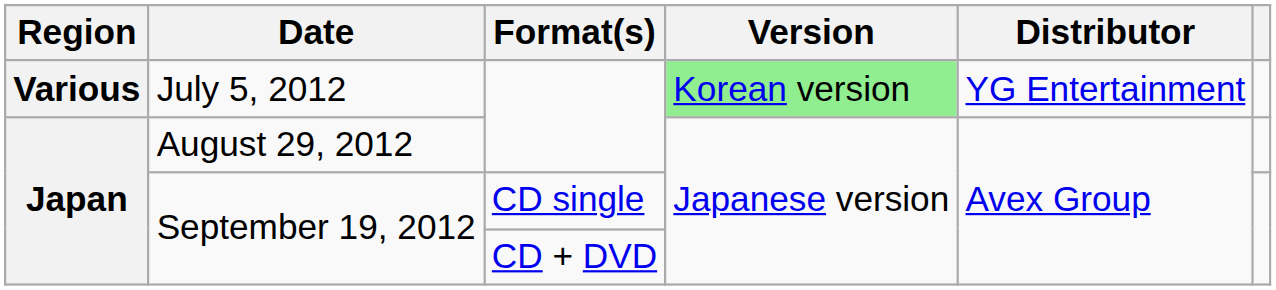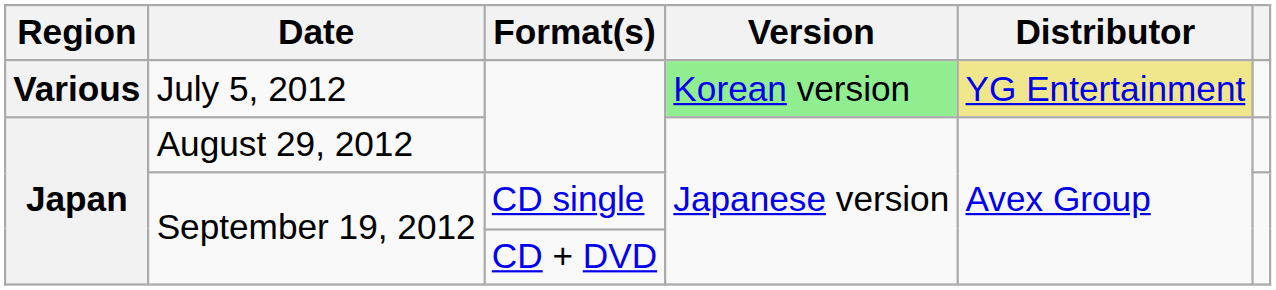 <table class="wikitable plainrowheaders">
 <tr>
 <th>Region</th>
 <th>Date</th>
 <th>Format(s)</th>
 <th>Version</th>
 <th>Distributor</th>
 <th></th>
 </tr>
 <tr>
 <th scope="row">Various</th>
 <td>July 5, 2012</td>
 <td rowspan="2"></td>
 <td style="background: lightgreen;"><a href='#'>Korean</a> version</td>
-<td><a href='#'>YG Entertainment</a></td>
+<td style="background: khaki;"><a href='#'>YG Entertainment</a></td>
 <td align="center"></td>
 </tr>
 <tr>
 <th scope="row" rowspan="3">Japan</th>
 <td>August 29, 2012</td>
 <td rowspan="3"><a href='#'>Japanese</a> version</td>
 <td rowspan="3"><a href='#'>Avex Group</a></td>
 <td align="center"></td>
 </tr>
 <tr>
 <td rowspan="2">September 19, 2012</td>
 <td><a href='#'>CD single</a></td>
 <td rowspan="2" align="center"></td>
 </tr>
 <tr>
 <td><a href='#'>CD</a> + <a href='#'>DVD</a></td>
 </tr>
 </table>
